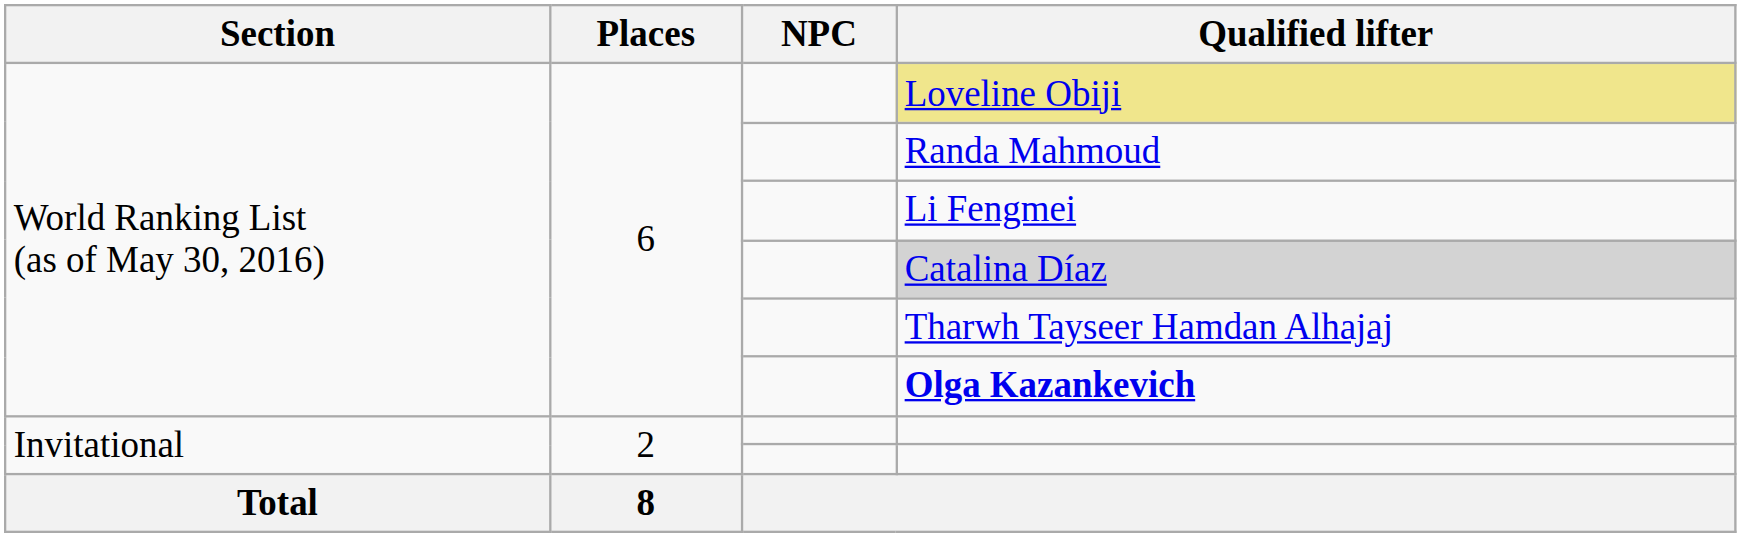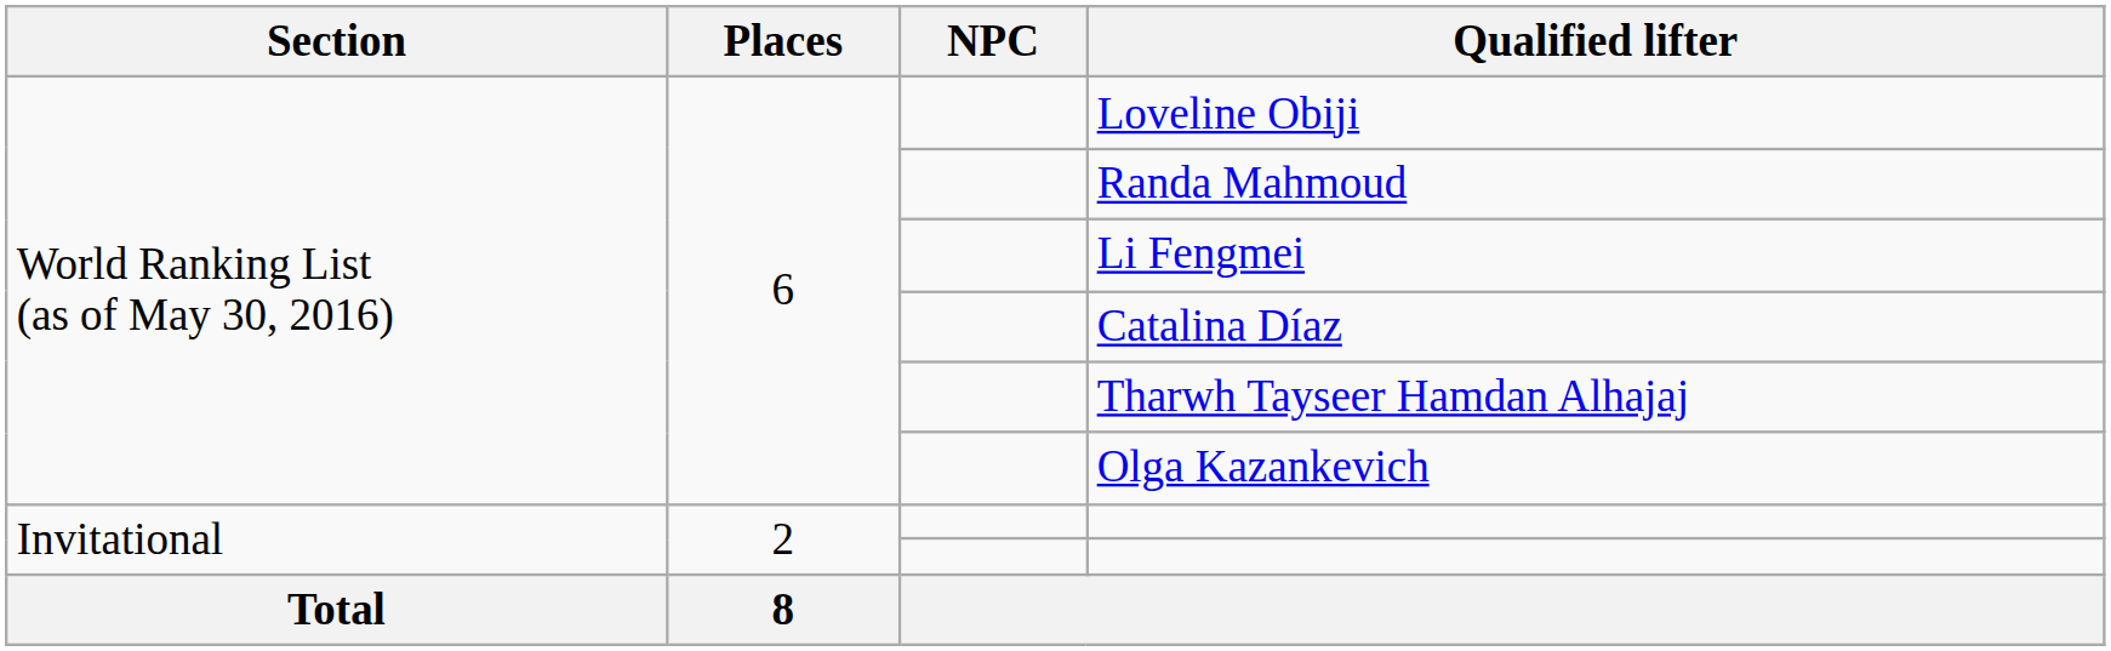 <table class="wikitable"  width=750>
 <tr>
 <th>Section</th>
 <th>Places</th>
 <th>NPC</th>
 <th>Qualified lifter</th>
 </tr>
 <tr>
 <td rowspan=6>World Ranking List<br>(as of May 30, 2016)</td>
 <td rowspan=6 align=center>6</td>
 <td></td>
-<td style="background: khaki;"><a href='#'>Loveline Obiji</a></td>
+<td><a href='#'>Loveline Obiji</a></td>
 </tr>
 <tr>
 <td></td>
 <td><a href='#'>Randa Mahmoud</a></td>
 </tr>
 <tr>
 <td></td>
 <td><a href='#'>Li Fengmei</a></td>
 </tr>
 <tr>
 <td></td>
-<td style="background: lightgrey;"><a href='#'>Catalina Díaz</a></td>
+<td><a href='#'>Catalina Díaz</a></td>
 </tr>
 <tr>
 <td></td>
 <td><a href='#'>Tharwh Tayseer Hamdan Alhajaj</a></td>
 </tr>
 <tr>
 <td></td>
-<td><strong><a href='#'>Olga Kazankevich</a></strong></td>
+<td><a href='#'>Olga Kazankevich</a></td>
 </tr>
 <tr>
 <td rowspan=2>Invitational</td>
 <td rowspan="2" align=center>2</td>
 <td></td>
 <td></td>
 </tr>
 <tr>
 <td></td>
 <td></td>
 </tr>
 <tr>
 <th>Total</th>
 <th>8</th>
 <th colspan=2></th>
 </tr>
 </table>
